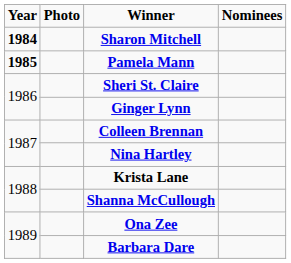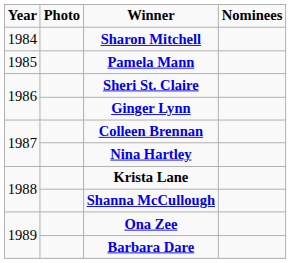 <table class=wikitable>
 <tr>
 <td align=center><strong>Year</strong></td>
 <td align=center><strong>Photo</strong></td>
 <td align=center><strong>Winner<br></strong></td>
 <td align=center><strong>Nominees<br></strong></td>
 </tr>
 <tr>
-<td><strong>1984</strong></td>
+<td>1984</td>
 <td></td>
 <td align=center><strong><a href='#'>Sharon Mitchell</a></strong><br></td>
 <td></td>
 </tr>
 <tr>
-<td><strong>1985</strong></td>
+<td>1985</td>
 <td></td>
 <td align=center><strong><a href='#'>Pamela Mann</a></strong><br></td>
 <td></td>
 </tr>
 <tr>
 <td rowspan=2>1986</td>
 <td></td>
 <td align=center><strong><a href='#'>Sheri St. Claire</a></strong> <br></td>
 <td></td>
 </tr>
 <tr>
 <td></td>
 <td align=center><strong><a href='#'>Ginger Lynn</a></strong> <br></td>
 <td></td>
 </tr>
 <tr>
 <td rowspan=2>1987</td>
 <td></td>
 <td align=center><strong><a href='#'>Colleen Brennan</a></strong> <br></td>
 <td></td>
 </tr>
 <tr>
 <td></td>
 <td align=center><strong><a href='#'>Nina Hartley</a></strong> <br></td>
 <td></td>
 </tr>
 <tr>
 <td rowspan=2>1988</td>
 <td></td>
 <td align=center><strong>Krista Lane</strong> <br></td>
 <td></td>
 </tr>
 <tr>
 <td></td>
 <td align=center><strong><a href='#'>Shanna McCullough</a></strong> <br></td>
 <td></td>
 </tr>
 <tr>
 <td rowspan=2>1989</td>
 <td></td>
 <td align=center><strong><a href='#'>Ona Zee</a></strong> <br></td>
 <td></td>
 </tr>
 <tr>
 <td></td>
 <td align=center><strong><a href='#'>Barbara Dare</a></strong> <br></td>
 <td></td>
 </tr>
 </table>
